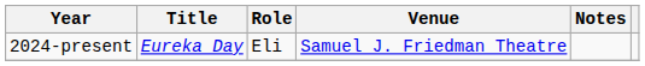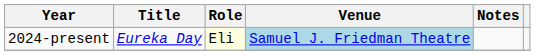 <table class="wikitable sortable">
 <tr>
 <th>Year</th>
 <th>Title</th>
 <th>Role</th>
 <th>Venue</th>
 <th>Notes</th>
 <th></th>
 </tr>
 <tr>
 <td>2024-present</td>
 <td><em><a href='#'>Eureka Day</a></em></td>
-<td>Eli</td>
-<td><a href='#'>Samuel J. Friedman Theatre</a></td>
+<td style="background: lightyellow;">Eli</td>
+<td style="background: lightblue;"><a href='#'>Samuel J. Friedman Theatre</a></td>
 <td></td>
 <td></td>
 </tr>
 <tr>
 </tr>
 </table>
